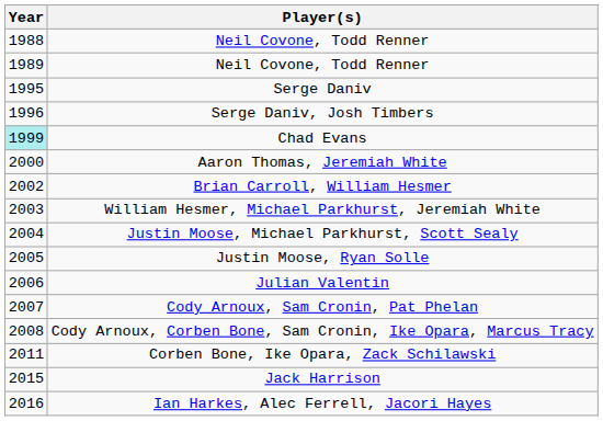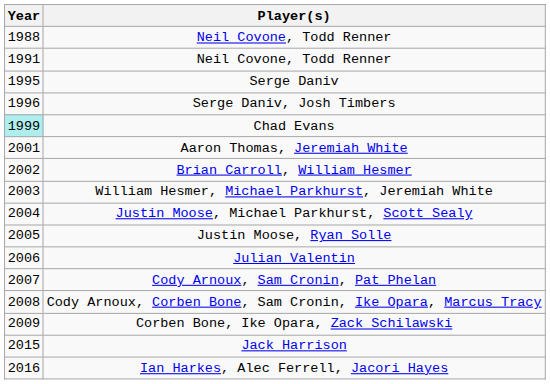 <table class="wikitable" style="text-align: center;">
 <tr>
 <th>Year</th>
 <th>Player(s)</th>
 </tr>
 <tr>
 <td>1988</td>
 <td><a href='#'>Neil Covone</a>, Todd Renner</td>
 </tr>
 <tr>
-<td>1989</td>
+<td>1991</td>
 <td>Neil Covone, Todd Renner</td>
 </tr>
 <tr>
 <td>1995</td>
 <td>Serge Daniv</td>
 </tr>
 <tr>
 <td>1996</td>
 <td>Serge Daniv, Josh Timbers</td>
 </tr>
 <tr>
 <td style="background: paleturquoise;">1999</td>
 <td>Chad Evans</td>
 </tr>
 <tr>
-<td>2000</td>
+<td>2001</td>
 <td>Aaron Thomas, <a href='#'>Jeremiah White</a></td>
 </tr>
 <tr>
 <td>2002</td>
 <td><a href='#'>Brian Carroll</a>, <a href='#'>William Hesmer</a></td>
 </tr>
 <tr>
 <td>2003</td>
 <td>William Hesmer, <a href='#'>Michael Parkhurst</a>, Jeremiah White</td>
 </tr>
 <tr>
 <td>2004</td>
 <td><a href='#'>Justin Moose</a>, Michael Parkhurst, <a href='#'>Scott Sealy</a></td>
 </tr>
 <tr>
 <td>2005</td>
 <td>Justin Moose, <a href='#'>Ryan Solle</a></td>
 </tr>
 <tr>
 <td>2006</td>
 <td><a href='#'>Julian Valentin</a></td>
 </tr>
 <tr>
 <td>2007</td>
 <td><a href='#'>Cody Arnoux</a>, <a href='#'>Sam Cronin</a>, <a href='#'>Pat Phelan</a></td>
 </tr>
 <tr>
 <td>2008</td>
 <td>Cody Arnoux, <a href='#'>Corben Bone</a>, Sam Cronin, <a href='#'>Ike Opara</a>, <a href='#'>Marcus Tracy</a></td>
 </tr>
 <tr>
-<td>2011</td>
+<td>2009</td>
 <td>Corben Bone, Ike Opara, <a href='#'>Zack Schilawski</a></td>
 </tr>
 <tr>
 <td>2015</td>
 <td><a href='#'>Jack Harrison</a></td>
 </tr>
 <tr>
 <td>2016</td>
 <td><a href='#'>Ian Harkes</a>, Alec Ferrell, <a href='#'>Jacori Hayes</a></td>
 </tr>
 </table>
